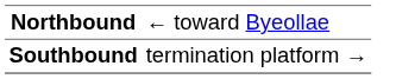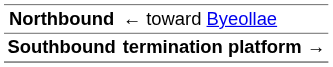 <table border="1" cellspacing="0" cellpadding="3" frame="hsides" rules="rows">
 <tr>
 <th><span>Northbound</span></th>
 <td>←  toward <a href='#'>Byeollae</a></td>
 </tr>
 <tr>
 <th><span>Southbound</span></th>
-<td>  termination platform →</td>
+<td><strong>  termination platform →</strong></td>
 </tr>
 <tr>
 </tr>
 </table>
